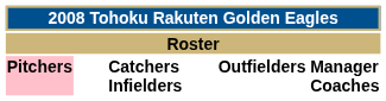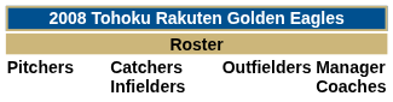 <table class="toccolours" style="font-size: 95%;">
 <tr>
 <th colspan="10" style="background:#00508f; color:#FFFFFF; text-align:center; border:2px solid #ccb67a">2008 Tohoku Rakuten Golden Eagles</th>
 </tr>
 <tr>
 <td colspan="10" style="background:#ccb67a; color:#000000; text-align:center;"><strong>Roster</strong></td>
 </tr>
 <tr>
-<td valign="top" style="background: pink;"><strong>Pitchers</strong><br>                      </td>
+<td valign="top"><strong>Pitchers</strong><br>                      </td>
 <td width="25px"></td>
 <td valign="top"><strong>Catchers</strong><br>      <strong>Infielders</strong>              </td>
 <td width="25px"></td>
 <td valign="top"><strong>Outfielders</strong><br>          </td>
 <td valign="top"><strong>Manager</strong><br> <strong>Coaches</strong>                </td>
 </tr>
 </table>
